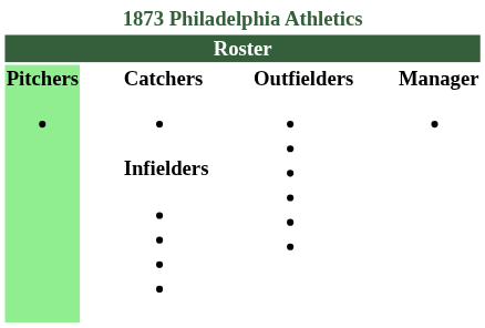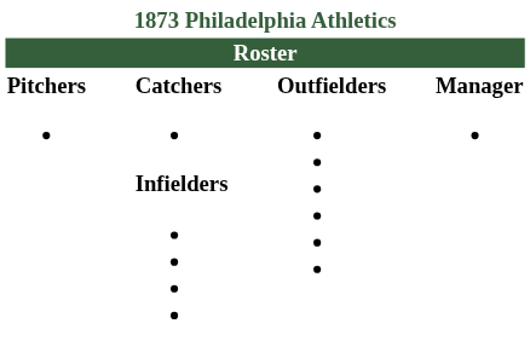 <table class="toccolours" style="font-size: 95%;">
 <tr>
 <th colspan="10" style="background-color: white; color: #355E3B; text-align: center;">1873 Philadelphia Athletics</th>
 </tr>
 <tr>
 <td colspan="7" style="background-color: #355E3B; color: white; text-align: center;"><strong>Roster</strong></td>
 </tr>
 <tr>
-<td valign="top" style="background: lightgreen;"><strong>Pitchers</strong><br><ul><li></li></ul></td>
+<td valign="top"><strong>Pitchers</strong><br><ul><li></li></ul></td>
 <td width="25px"></td>
 <td valign="top"><strong>Catchers</strong><br><ul><li></li></ul><strong>Infielders</strong><ul><li></li><li></li><li></li><li></li></ul></td>
 <td width="25px"></td>
 <td valign="top"><strong>Outfielders</strong><br><ul><li></li><li></li><li></li><li></li><li></li><li></li></ul></td>
 <td width="25px"></td>
 <td valign="top"><strong>Manager</strong><br><ul><li></li></ul></td>
 </tr>
 <tr>
 </tr>
 </table>
